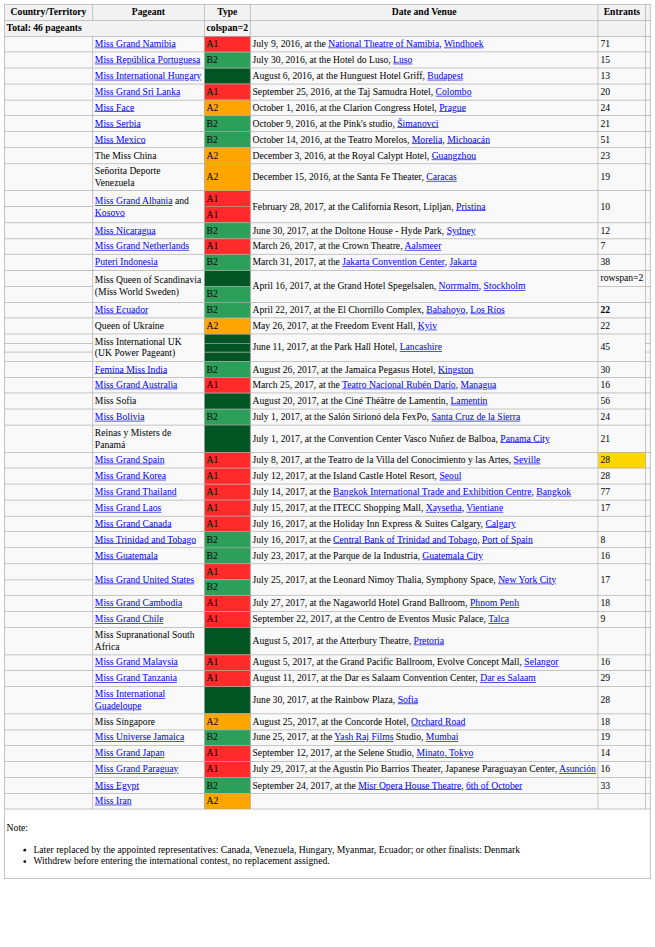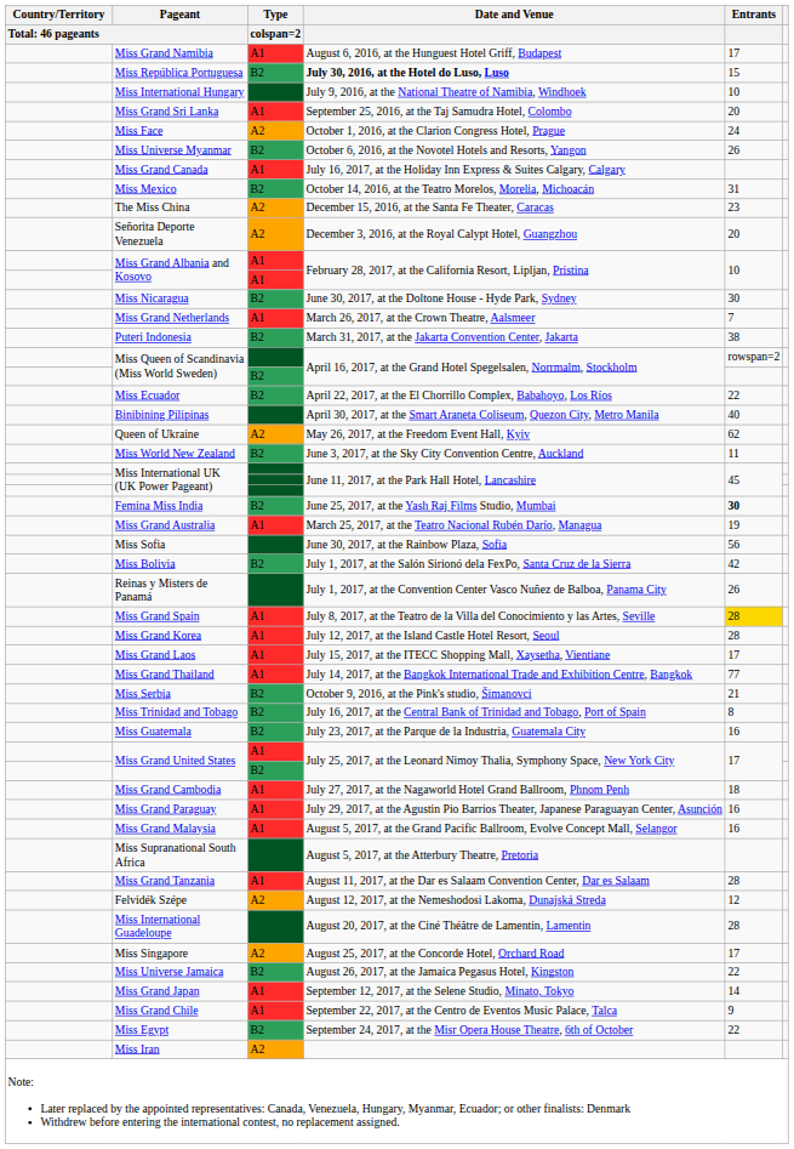 <table class="wikitable sortable static-row-numbers defaultcenter col1left col4left" style="font-size: 90%">
 <tr>
 <th class="unsortable" style="width:125px;">Country/Territory</th>
 <th class="unsortable" style="width:160px;">Pageant</th>
 <th class=unsortable>Type</th>
 <th class=unsortable>Date and Venue</th>
 <th class=unsortable>Entrants</th>
 <th class=unsortable></th>
 </tr>
 <tr style="background:white;" class="static-row-header">
 <th colspan="2" style="text-align:left;">Total: 46 pageants</th>
 <th>colspan=2 </th>
 <th></th>
 <th></th>
 </tr>
 <tr>
 <td></td>
 <td><a href='#'>Miss Grand Namibia</a></td>
 <td bgcolor=#ff2a2a>A1</td>
-<td>July 9, 2016, at the <a href='#'>National Theatre of Namibia</a>, <a href='#'>Windhoek</a></td>
-<td>71</td>
+<td>August 6, 2016, at the Hunguest Hotel Griff, <a href='#'>Budapest</a></td>
+<td>17</td>
 <td></td>
 </tr>
 <tr>
 <td></td>
 <td><a href='#'>Miss República Portuguesa</a></td>
 <td bgcolor=#2ca05a>B2</td>
-<td>July 30, 2016, at the Hotel do Luso, <a href='#'>Luso</a></td>
+<td><strong>July 30, 2016, at the Hotel do Luso, <a href='#'>Luso</a></strong></td>
 <td>15</td>
 <td></td>
 </tr>
 <tr>
 <td></td>
 <td><a href='#'>Miss International Hungary</a></td>
 <td bgcolor=#005522></td>
-<td>August 6, 2016, at the Hunguest Hotel Griff, <a href='#'>Budapest</a></td>
-<td>13</td>
+<td>July 9, 2016, at the <a href='#'>National Theatre of Namibia</a>, <a href='#'>Windhoek</a></td>
+<td>10</td>
 <td></td>
 </tr>
 <tr>
 <td></td>
 <td><a href='#'>Miss Grand Sri Lanka</a></td>
 <td bgcolor=#ff2a2a>A1</td>
 <td>September 25, 2016, at the Taj Samudra Hotel, <a href='#'>Colombo</a></td>
 <td>20</td>
 <td></td>
 </tr>
 <tr>
 <td></td>
 <td><a href='#'>Miss Face</a></td>
 <td bgcolor=#ffa500>A2</td>
 <td>October 1, 2016, at the Clarion Congress Hotel, <a href='#'>Prague</a></td>
 <td>24</td>
 <td></td>
 </tr>
 <tr>
 <td></td>
-<td><a href='#'>Miss Serbia</a></td>
+<td><a href='#'>Miss Universe Myanmar</a></td>
 <td bgcolor=#2ca05a>B2</td>
-<td>October 9, 2016, at the Pink's studio, <a href='#'>Šimanovci</a></td>
-<td>21</td>
+<td>October 6, 2016, at the Novotel Hotels and Resorts, <a href='#'>Yangon</a></td>
+<td>26</td>
+<td></td>
+</tr>
+<tr>
+<td></td>
+<td><a href='#'>Miss Grand Canada</a></td>
+<td bgcolor=#ff2a2a>A1</td>
+<td>July 16, 2017, at the Holiday Inn Express & Suites Calgary, <a href='#'>Calgary</a></td>
+<td></td>
 <td></td>
 </tr>
 <tr>
 <td></td>
 <td><a href='#'>Miss Mexico</a></td>
 <td bgcolor=#2ca05a>B2</td>
 <td>October 14, 2016, at the Teatro Morelos, <a href='#'>Morelia</a>, <a href='#'>Michoacán</a></td>
-<td>51</td>
+<td>31</td>
 <td></td>
 </tr>
 <tr>
 <td></td>
 <td>The Miss China</td>
 <td bgcolor=#ffa500>A2</td>
-<td>December 3, 2016, at the Royal Calypt Hotel, <a href='#'>Guangzhou</a></td>
+<td>December 15, 2016, at the Santa Fe Theater, <a href='#'>Caracas</a></td>
 <td>23</td>
 <td></td>
 </tr>
 <tr>
 <td></td>
 <td>Señorita Deporte Venezuela</td>
 <td bgcolor=#ffa500>A2</td>
-<td>December 15, 2016, at the Santa Fe Theater, <a href='#'>Caracas</a></td>
-<td>19</td>
+<td>December 3, 2016, at the Royal Calypt Hotel, <a href='#'>Guangzhou</a></td>
+<td>20</td>
 <td></td>
 </tr>
 <tr>
 <td></td>
 <td rowspan=2><a href='#'>Miss Grand Albania</a> and <a href='#'>Kosovo</a></td>
 <td bgcolor=#ff2a2a>A1</td>
 <td rowspan=2>February 28, 2017, at the California Resort, Lipljan, <a href='#'>Pristina</a></td>
 <td rowspan=2>10</td>
 <td rowspan=2></td>
 </tr>
 <tr class="sortbottom static-row-header">
 <td></td>
 <td bgcolor=#ff2a2a>A1</td>
 </tr>
 <tr>
 <td></td>
 <td><a href='#'>Miss Nicaragua</a></td>
 <td bgcolor=#2ca05a>B2</td>
 <td>June 30, 2017, at the Doltone House - Hyde Park, <a href='#'>Sydney</a></td>
-<td>12</td>
+<td>30</td>
 <td></td>
 </tr>
 <tr>
 <td></td>
 <td><a href='#'>Miss Grand Netherlands</a></td>
 <td bgcolor=#ff2a2a>A1</td>
 <td>March 26, 2017, at the Crown Theatre, <a href='#'>Aalsmeer</a></td>
 <td>7</td>
 <td></td>
 </tr>
 <tr>
 <td></td>
 <td><a href='#'>Puteri Indonesia</a></td>
 <td bgcolor=#2ca05a>B2</td>
 <td>March 31, 2017, at the <a href='#'>Jakarta Convention Center</a>, <a href='#'>Jakarta</a></td>
 <td>38</td>
 <td></td>
 </tr>
 <tr>
 <td></td>
 <td rowspan=2>Miss Queen of Scandinavia<br>(Miss World Sweden)</td>
 <td bgcolor=#005522></td>
 <td rowspan=2>April 16, 2017, at the Grand Hotel Spegelsalen, <a href='#'>Norrmalm</a>, <a href='#'>Stockholm</a></td>
 <td>rowspan=2 </td>
 <td></td>
 </tr>
 <tr class="sortbottom static-row-header">
 <td></td>
 <td bgcolor=#2ca05a>B2</td>
 <td></td>
 </tr>
 <tr>
 <td></td>
 <td><a href='#'>Miss Ecuador</a></td>
 <td bgcolor=#2ca05a>B2</td>
 <td>April 22, 2017, at the El Chorrillo Complex, <a href='#'>Babahoyo</a>, <a href='#'>Los Ríos</a></td>
-<td><strong>22</strong></td>
+<td>22</td>
+<td></td>
+</tr>
+<tr>
+<td></td>
+<td><a href='#'>Binibining Pilipinas</a></td>
+<td bgcolor=#005522></td>
+<td>April 30, 2017, at the <a href='#'>Smart Araneta Coliseum</a>, <a href='#'>Quezon City</a>, <a href='#'>Metro Manila</a></td>
+<td>40</td>
 <td></td>
 </tr>
 <tr>
 <td></td>
 <td>Queen of Ukraine</td>
 <td bgcolor=#ffa500>A2</td>
 <td>May 26, 2017, at the Freedom Event Hall, <a href='#'>Kyiv</a></td>
-<td>22</td>
+<td>62</td>
+<td></td>
+</tr>
+<tr>
+<td></td>
+<td><a href='#'>Miss World New Zealand</a></td>
+<td bgcolor=#2ca05a>B2</td>
+<td>June 3, 2017, at the Sky City Convention Centre, <a href='#'>Auckland</a></td>
+<td>11</td>
 <td></td>
 </tr>
 <tr>
 <td></td>
 <td rowspan=3>Miss International UK<br>(UK Power Pageant)</td>
 <td bgcolor=#005522></td>
 <td rowspan=3>June 11, 2017, at the Park Hall Hotel, <a href='#'>Lancashire</a></td>
 <td rowspan=3>45</td>
 <td></td>
 </tr>
 <tr class="sortbottom static-row-header">
 <td></td>
 <td bgcolor=#005522></td>
 <td></td>
 </tr>
 <tr class="sortbottom static-row-header">
 <td></td>
 <td bgcolor=#005522></td>
 <td></td>
 </tr>
 <tr>
 <td></td>
 <td><a href='#'>Femina Miss India</a></td>
 <td bgcolor=#2ca05a>B2</td>
-<td>August 26, 2017, at the Jamaica Pegasus Hotel, <a href='#'>Kingston</a></td>
-<td>30</td>
+<td>June 25, 2017, at the <a href='#'>Yash Raj Films</a> Studio, <a href='#'>Mumbai</a></td>
+<td><strong>30</strong></td>
 <td></td>
 </tr>
 <tr>
 <td></td>
 <td><a href='#'>Miss Grand Australia</a></td>
 <td bgcolor=#ff2a2a>A1</td>
 <td>March 25, 2017, at the <a href='#'>Teatro Nacional Rubén Darío</a>, <a href='#'>Managua</a></td>
-<td>16</td>
+<td>19</td>
 <td></td>
 </tr>
 <tr>
 <td></td>
 <td>Miss Sofia</td>
 <td bgcolor=#005522></td>
-<td>August 20, 2017, at the Ciné Théâtre de Lamentin, <a href='#'>Lamentin</a></td>
+<td>June 30, 2017, at the Rainbow Plaza, <a href='#'>Sofia</a></td>
 <td>56</td>
 <td></td>
 </tr>
 <tr>
 <td></td>
 <td><a href='#'>Miss Bolivia</a></td>
 <td bgcolor=#2ca05a>B2</td>
 <td>July 1, 2017, at the Salón Sirionó dela FexPo, <a href='#'>Santa Cruz de la Sierra</a></td>
-<td>24</td>
+<td>42</td>
 <td></td>
 </tr>
 <tr>
 <td></td>
 <td>Reinas y Misters de Panamá</td>
 <td bgcolor=#005522></td>
 <td>July 1, 2017, at the Convention Center Vasco Nuñez de Balboa, <a href='#'>Panama City</a></td>
-<td>21</td>
+<td>26</td>
 <td></td>
 </tr>
 <tr>
 <td></td>
 <td><a href='#'>Miss Grand Spain</a></td>
 <td bgcolor=#ff2a2a>A1</td>
 <td>July 8, 2017, at the Teatro de la Villa del Conocimiento y las Artes, <a href='#'>Seville</a></td>
 <td style="background: gold;">28</td>
 <td></td>
 </tr>
 <tr>
 <td></td>
 <td><a href='#'>Miss Grand Korea</a></td>
 <td bgcolor=#ff2a2a>A1</td>
 <td>July 12, 2017, at the Island Castle Hotel Resort, <a href='#'>Seoul</a></td>
 <td>28</td>
 <td></td>
 </tr>
 <tr>
 <td></td>
+<td><a href='#'>Miss Grand Laos</a></td>
+<td bgcolor=#ff2a2a>A1</td>
+<td>July 15, 2017, at the ITECC Shopping Mall, <a href='#'>Xaysetha</a>, <a href='#'>Vientiane</a></td>
+<td>17</td>
+<td></td>
+</tr>
+<tr>
+<td></td>
 <td><a href='#'>Miss Grand Thailand</a></td>
 <td bgcolor=#ff2a2a>A1</td>
 <td>July 14, 2017, at the <a href='#'>Bangkok International Trade and Exhibition Centre</a>, <a href='#'>Bangkok</a></td>
 <td>77</td>
 <td></td>
 </tr>
 <tr>
 <td></td>
-<td><a href='#'>Miss Grand Laos</a></td>
-<td bgcolor=#ff2a2a>A1</td>
-<td>July 15, 2017, at the ITECC Shopping Mall, <a href='#'>Xaysetha</a>, <a href='#'>Vientiane</a></td>
-<td>17</td>
-<td></td>
-</tr>
-<tr>
-<td></td>
-<td><a href='#'>Miss Grand Canada</a></td>
-<td bgcolor=#ff2a2a>A1</td>
-<td>July 16, 2017, at the Holiday Inn Express & Suites Calgary, <a href='#'>Calgary</a></td>
-<td></td>
+<td><a href='#'>Miss Serbia</a></td>
+<td bgcolor=#2ca05a>B2</td>
+<td>October 9, 2016, at the Pink's studio, <a href='#'>Šimanovci</a></td>
+<td>21</td>
 <td></td>
 </tr>
 <tr>
 <td></td>
 <td><a href='#'>Miss Trinidad and Tobago</a></td>
 <td bgcolor=#2ca05a>B2</td>
 <td>July 16, 2017, at the <a href='#'>Central Bank of Trinidad and Tobago</a>, <a href='#'>Port of Spain</a></td>
 <td>8</td>
 <td></td>
 </tr>
 <tr>
 <td></td>
 <td><a href='#'>Miss Guatemala</a></td>
 <td bgcolor=#2ca05a>B2</td>
 <td>July 23, 2017, at the Parque de la Industria, <a href='#'>Guatemala City</a></td>
 <td>16</td>
 <td></td>
 </tr>
 <tr>
 <td></td>
 <td rowspan=2><a href='#'>Miss Grand United States</a></td>
 <td bgcolor=#ff2a2a>A1</td>
 <td rowspan=2>July 25, 2017, at the Leonard Nimoy Thalia, Symphony Space, <a href='#'>New York City</a></td>
 <td rowspan=2>17</td>
 <td></td>
 </tr>
 <tr class="sortbottom static-row-header">
 <td></td>
 <td bgcolor=#2ca05a>B2</td>
 <td></td>
 </tr>
 <tr>
 <td></td>
 <td><a href='#'>Miss Grand Cambodia</a></td>
 <td bgcolor=#ff2a2a>A1</td>
 <td>July 27, 2017, at the Nagaworld Hotel Grand Ballroom, <a href='#'>Phnom Penh</a></td>
 <td>18</td>
 <td></td>
 </tr>
 <tr>
 <td></td>
-<td><a href='#'>Miss Grand Chile</a></td>
+<td><a href='#'>Miss Grand Paraguay</a></td>
 <td bgcolor=#ff2a2a>A1</td>
-<td>September 22, 2017, at the Centro de Eventos Music Palace, <a href='#'>Talca</a></td>
-<td>9</td>
+<td>July 29, 2017, at the Agustin Pio Barrios Theater, Japanese Paraguayan Center, <a href='#'>Asunción</a></td>
+<td>16</td>
+<td></td>
+</tr>
+<tr>
+<td></td>
+<td><a href='#'>Miss Grand Malaysia</a></td>
+<td bgcolor=#ff2a2a>A1</td>
+<td>August 5, 2017, at the Grand Pacific Ballroom, Evolve Concept Mall, <a href='#'>Selangor</a></td>
+<td>16</td>
 <td></td>
 </tr>
 <tr>
 <td></td>
 <td>Miss Supranational South Africa</td>
 <td bgcolor=#005522></td>
 <td>August 5, 2017, at the Atterbury Theatre, <a href='#'>Pretoria</a></td>
 <td></td>
 <td></td>
 </tr>
 <tr>
 <td></td>
-<td><a href='#'>Miss Grand Malaysia</a></td>
+<td><a href='#'>Miss Grand Tanzania</a></td>
 <td bgcolor=#ff2a2a>A1</td>
-<td>August 5, 2017, at the Grand Pacific Ballroom, Evolve Concept Mall, <a href='#'>Selangor</a></td>
-<td>16</td>
+<td>August 11, 2017, at the Dar es Salaam Convention Center, <a href='#'>Dar es Salaam</a></td>
+<td>28</td>
 <td></td>
 </tr>
 <tr>
 <td></td>
-<td><a href='#'>Miss Grand Tanzania</a></td>
-<td bgcolor=#ff2a2a>A1</td>
-<td>August 11, 2017, at the Dar es Salaam Convention Center, <a href='#'>Dar es Salaam</a></td>
-<td>29</td>
+<td>Felvidék Szépe</td>
+<td bgcolor=#ffa500>A2</td>
+<td>August 12, 2017, at the Nemeshodosi Lakoma, <a href='#'>Dunajská Streda</a></td>
+<td>12</td>
 <td></td>
 </tr>
 <tr>
 <td></td>
 <td><a href='#'>Miss International Guadeloupe</a></td>
 <td bgcolor=#005522></td>
-<td>June 30, 2017, at the Rainbow Plaza, <a href='#'>Sofia</a></td>
+<td>August 20, 2017, at the Ciné Théâtre de Lamentin, <a href='#'>Lamentin</a></td>
 <td>28</td>
 <td></td>
 </tr>
 <tr>
 <td></td>
 <td>Miss Singapore</td>
 <td bgcolor=#ffa500>A2</td>
 <td>August 25, 2017, at the Concorde Hotel, <a href='#'>Orchard Road</a></td>
-<td>18</td>
+<td>17</td>
 <td></td>
 </tr>
 <tr>
 <td></td>
 <td><a href='#'>Miss Universe Jamaica</a></td>
 <td bgcolor=#2ca05a>B2</td>
-<td>June 25, 2017, at the <a href='#'>Yash Raj Films</a> Studio, <a href='#'>Mumbai</a></td>
-<td>19</td>
+<td>August 26, 2017, at the Jamaica Pegasus Hotel, <a href='#'>Kingston</a></td>
+<td>22</td>
 <td></td>
 </tr>
 <tr>
 <td></td>
 <td><a href='#'>Miss Grand Japan</a></td>
 <td bgcolor=#ff2a2a>A1</td>
 <td>September 12, 2017, at the Selene Studio, <a href='#'>Minato, Tokyo</a></td>
 <td>14</td>
 <td></td>
 </tr>
 <tr>
 <td></td>
-<td><a href='#'>Miss Grand Paraguay</a></td>
+<td><a href='#'>Miss Grand Chile</a></td>
 <td bgcolor=#ff2a2a>A1</td>
-<td>July 29, 2017, at the Agustin Pio Barrios Theater, Japanese Paraguayan Center, <a href='#'>Asunción</a></td>
-<td>16</td>
+<td>September 22, 2017, at the Centro de Eventos Music Palace, <a href='#'>Talca</a></td>
+<td>9</td>
 <td></td>
 </tr>
 <tr>
 <td></td>
 <td><a href='#'>Miss Egypt</a></td>
 <td bgcolor=#2ca05a>B2</td>
 <td>September 24, 2017, at the <a href='#'>Misr Opera House Theatre</a>, <a href='#'>6th of October</a></td>
-<td>33</td>
+<td>22</td>
 <td></td>
 </tr>
 <tr>
 <td></td>
 <td><a href='#'>Miss Iran</a></td>
 <td bgcolor=#ffa500>A2</td>
 <td></td>
 <td></td>
 <td></td>
 </tr>
 <tr style="background:white;" class="sortbottom static-row-header">
 <td colspan="6" style="text-align:left;"><br>Note:<ul><li> Later replaced by the appointed representatives: Canada, Venezuela, Hungary, Myanmar, Ecuador; or other finalists: Denmark</li><li> Withdrew before entering the international contest, no replacement assigned.</li></ul></td>
 </tr>
 </table>
